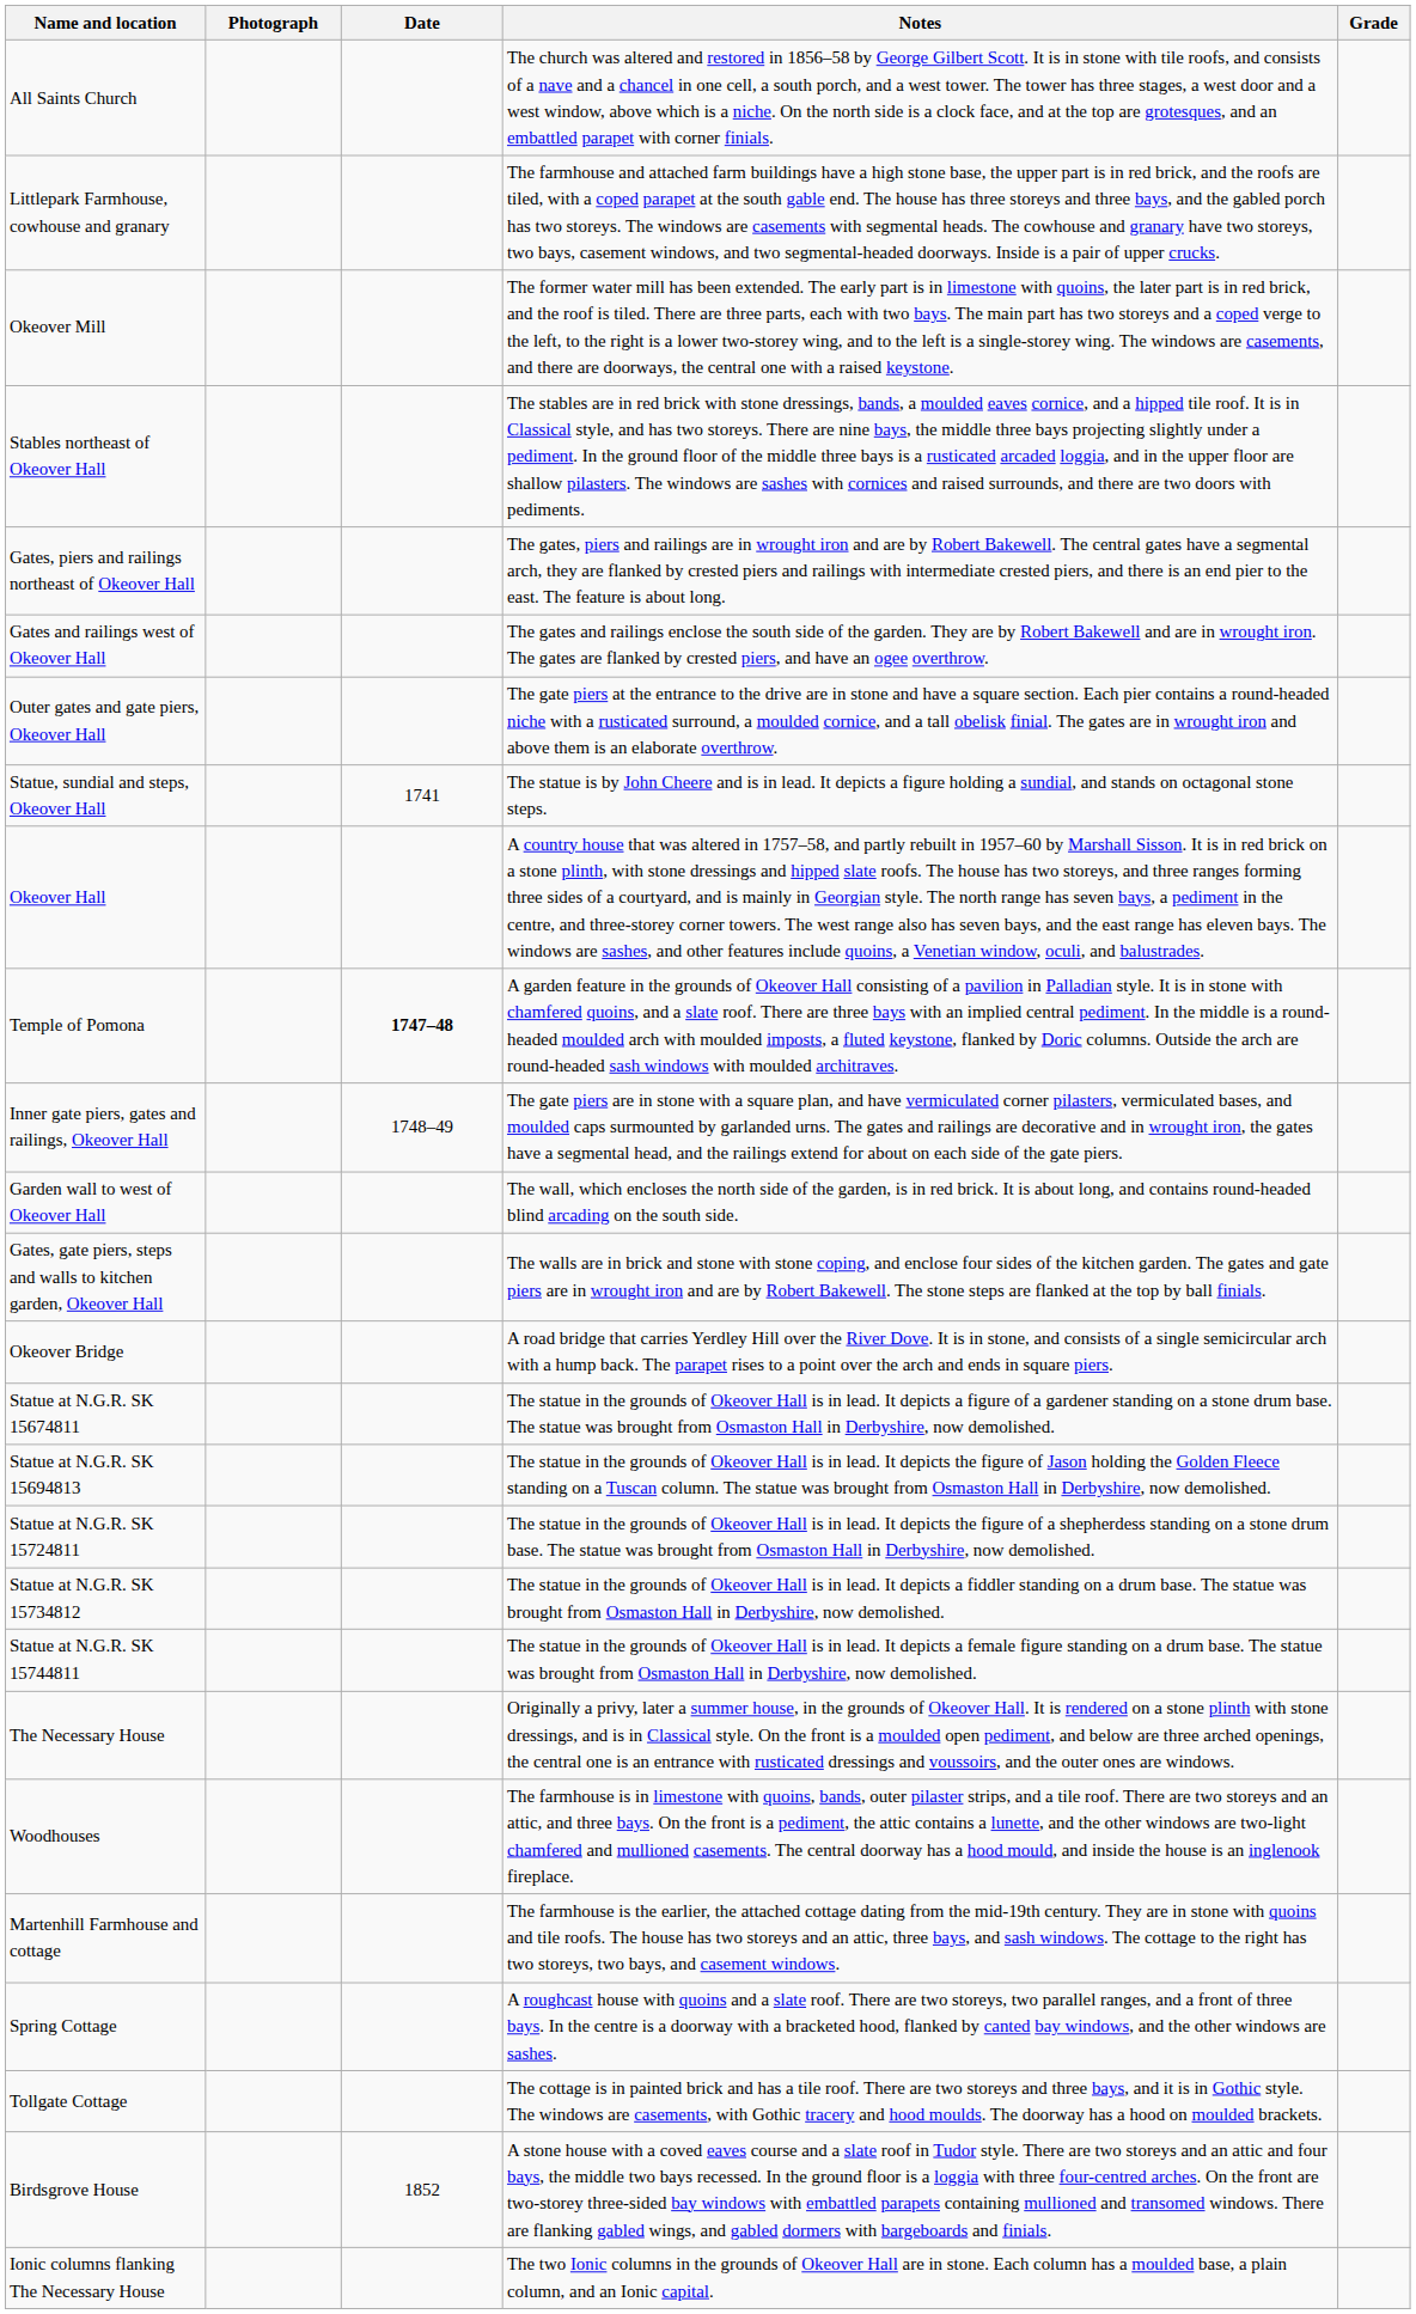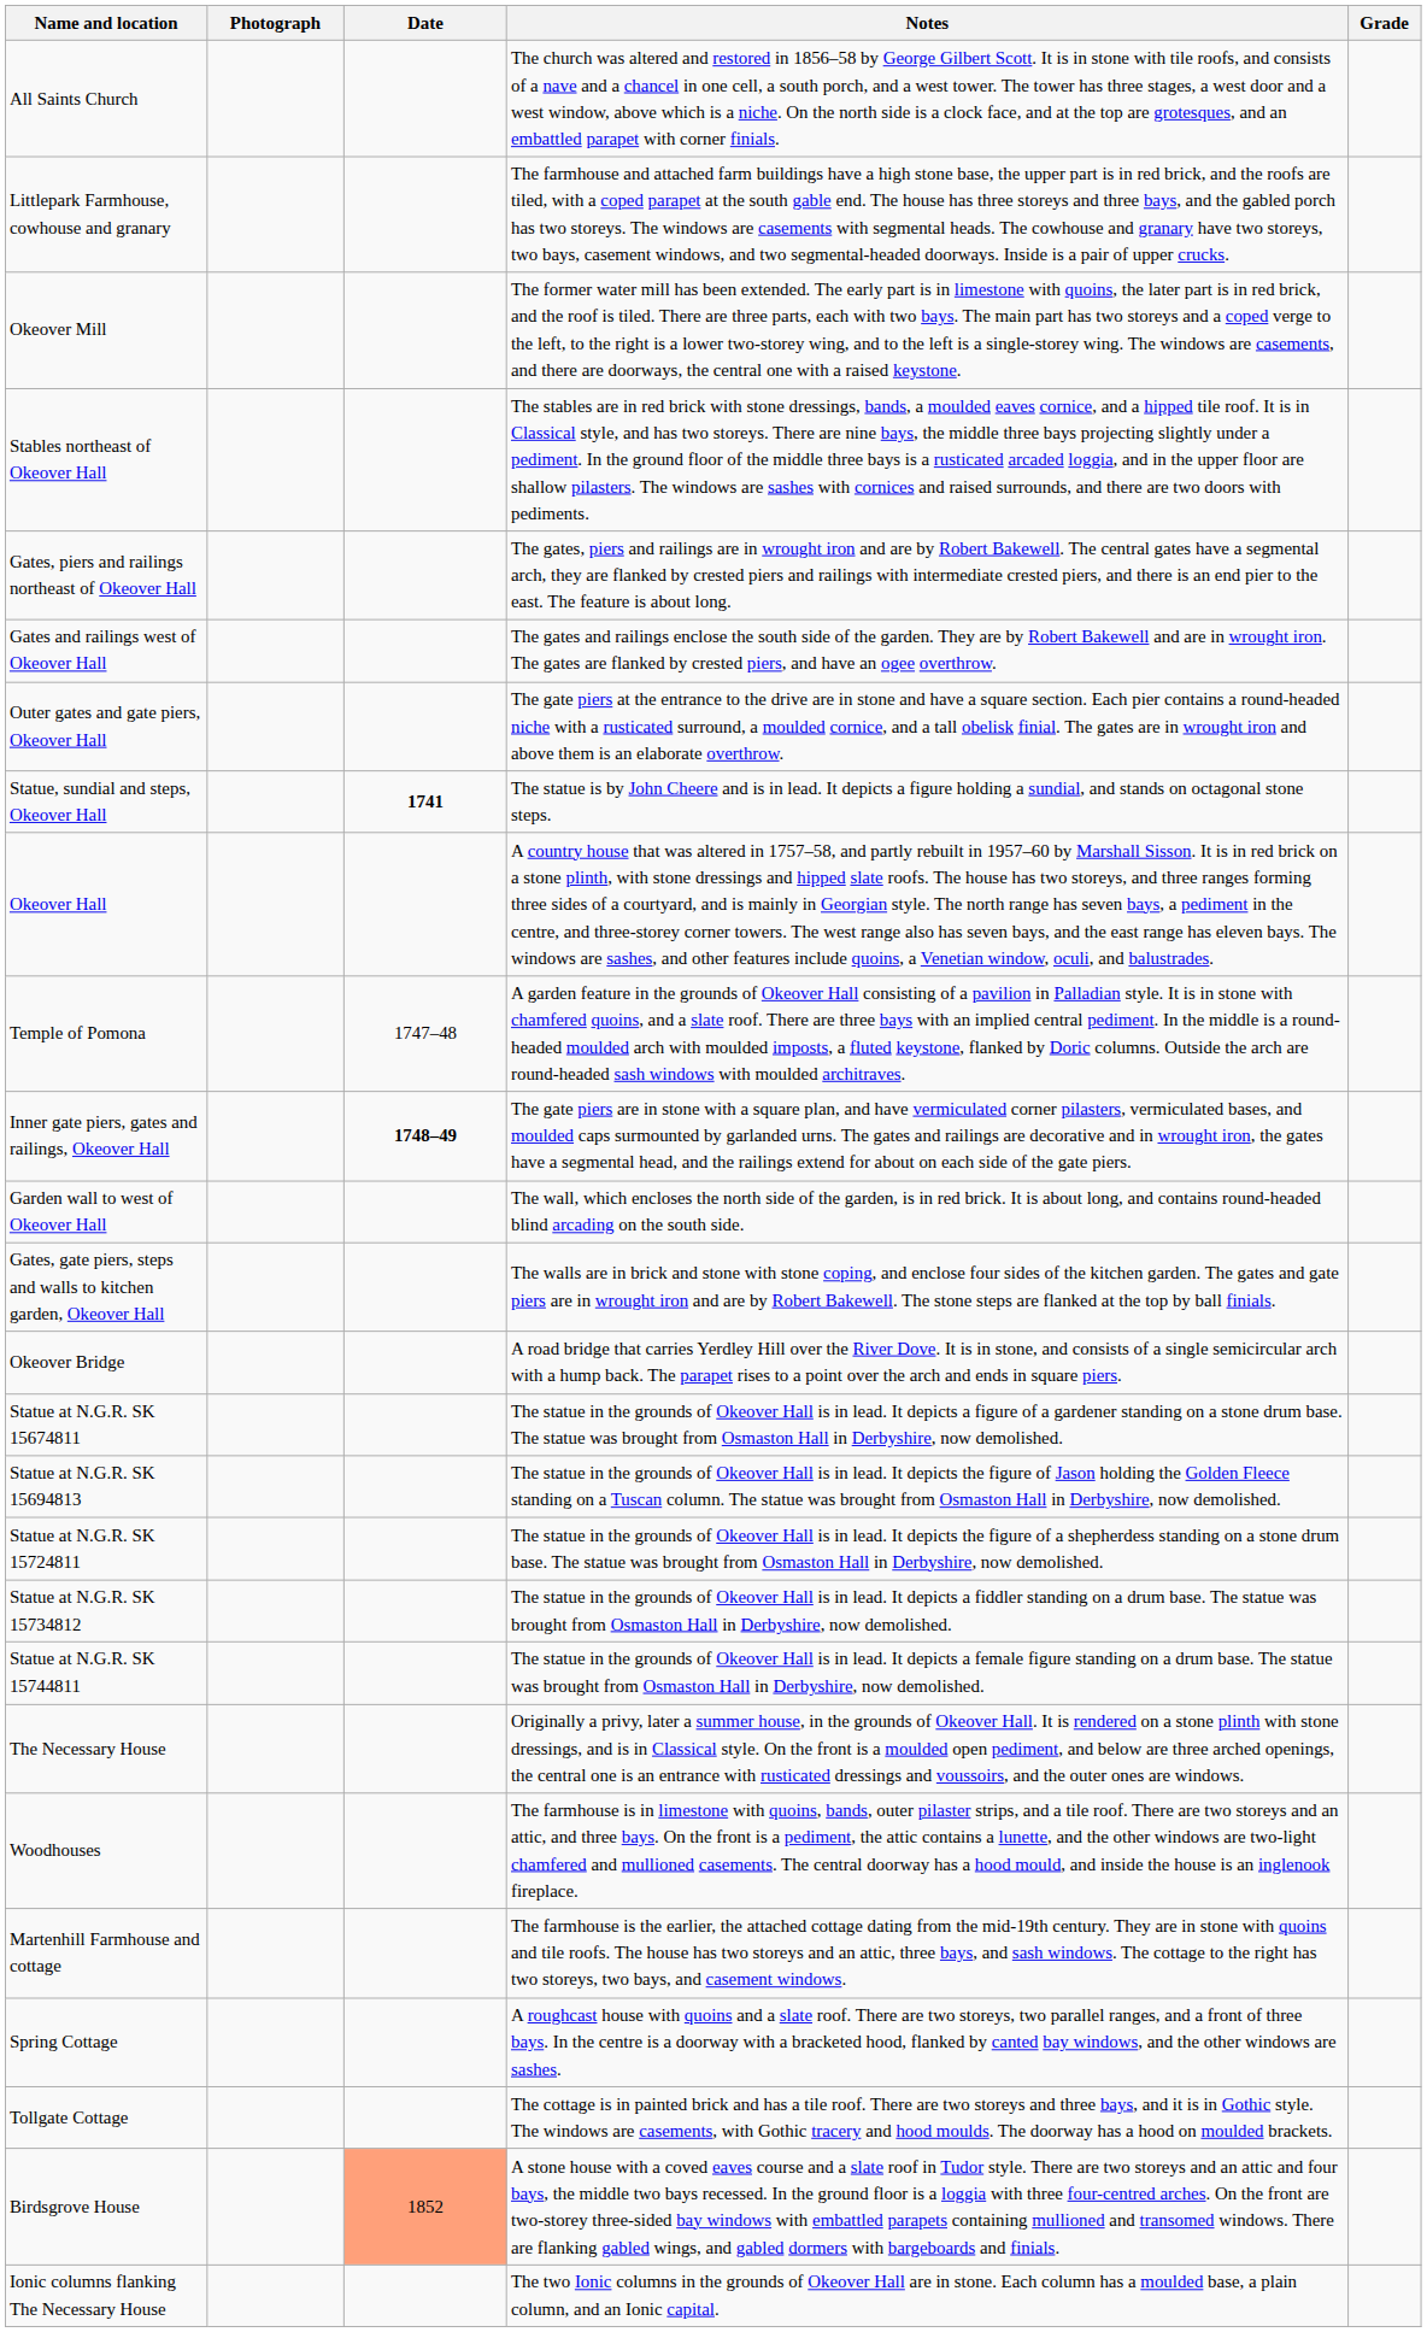 <table class="wikitable sortable plainrowheaders" style="width:100%; border:0; text-align:left; line-height:150%;">
 <tr>
 <th scope="col" style="width:150px">Name and location</th>
 <th scope="col" style="width:100px" class="unsortable">Photograph</th>
 <th scope="col" style="width:120px">Date</th>
 <th scope="col" style="width:650px" class="unsortable">Notes</th>
 <th scope="col" style="width:50px">Grade</th>
 </tr>
 <tr>
 <td>All Saints Church<br><small></small></td>
 <td></td>
 <td align="center"></td>
 <td>The church was altered and <a href='#'>restored</a> in 1856–58 by <a href='#'>George Gilbert Scott</a>. It is in stone with tile roofs, and consists of a <a href='#'>nave</a> and a <a href='#'>chancel</a> in one cell, a south porch, and a west tower. The tower has three stages, a west door and a west window, above which is a <a href='#'>niche</a>. On the north side is a clock face, and at the top are <a href='#'>grotesques</a>, and an <a href='#'>embattled</a> <a href='#'>parapet</a> with corner <a href='#'>finials</a>.</td>
 <td align="center" ></td>
 </tr>
 <tr>
 <td>Littlepark Farmhouse, cowhouse and granary<br><small></small></td>
 <td></td>
 <td align="center"></td>
 <td>The farmhouse and attached farm buildings have a high stone base, the upper part is in red brick, and the roofs are tiled, with a <a href='#'>coped</a> <a href='#'>parapet</a> at the south <a href='#'>gable</a> end. The house has three storeys and three <a href='#'>bays</a>, and the gabled porch has two storeys. The windows are <a href='#'>casements</a> with segmental heads. The cowhouse and <a href='#'>granary</a> have two storeys, two bays, casement windows, and two segmental-headed doorways. Inside is a pair of upper <a href='#'>crucks</a>.</td>
 <td align="center" ></td>
 </tr>
 <tr>
 <td>Okeover Mill<br><small></small></td>
 <td></td>
 <td align="center"></td>
 <td>The former water mill has been extended. The early part is in <a href='#'>limestone</a> with <a href='#'>quoins</a>, the later part is in red brick, and the roof is tiled. There are three parts, each with two <a href='#'>bays</a>. The main part has two storeys and a <a href='#'>coped</a> verge to the left, to the right is a lower two-storey wing, and to the left is a single-storey wing. The windows are <a href='#'>casements</a>, and there are doorways, the central one with a raised <a href='#'>keystone</a>.</td>
 <td align="center" ></td>
 </tr>
 <tr>
 <td>Stables northeast of <a href='#'>Okeover Hall</a><br><small></small></td>
 <td></td>
 <td align="center"></td>
 <td>The stables are in red brick with stone dressings, <a href='#'>bands</a>, a <a href='#'>moulded</a> <a href='#'>eaves</a> <a href='#'>cornice</a>, and a <a href='#'>hipped</a> tile roof. It is in <a href='#'>Classical</a> style, and has two storeys. There are nine <a href='#'>bays</a>, the middle three bays projecting slightly under a <a href='#'>pediment</a>. In the ground floor of the middle three bays is a <a href='#'>rusticated</a> <a href='#'>arcaded</a> <a href='#'>loggia</a>, and in the upper floor are shallow <a href='#'>pilasters</a>. The windows are <a href='#'>sashes</a> with <a href='#'>cornices</a> and raised surrounds, and there are two doors with pediments.</td>
 <td align="center" ></td>
 </tr>
 <tr>
 <td>Gates, piers and railings northeast of <a href='#'>Okeover Hall</a><br><small></small></td>
 <td></td>
 <td align="center"></td>
 <td>The gates, <a href='#'>piers</a> and railings are in <a href='#'>wrought iron</a> and are by <a href='#'>Robert Bakewell</a>. The central gates have a segmental arch, they are flanked by crested piers and railings with intermediate crested piers, and there is an end pier to the east. The feature is about  long.</td>
 <td align="center" ></td>
 </tr>
 <tr>
 <td>Gates and railings west of <a href='#'>Okeover Hall</a><br><small></small></td>
 <td></td>
 <td align="center"></td>
 <td>The gates and railings enclose the south side of the garden. They are by <a href='#'>Robert Bakewell</a> and are in <a href='#'>wrought iron</a>. The gates are flanked by crested <a href='#'>piers</a>, and have an <a href='#'>ogee</a> <a href='#'>overthrow</a>.</td>
 <td align="center" ></td>
 </tr>
 <tr>
 <td>Outer gates and gate piers, <a href='#'>Okeover Hall</a><br><small></small></td>
 <td></td>
 <td align="center"></td>
 <td>The gate <a href='#'>piers</a> at the entrance to the drive are in stone and have a square section. Each pier contains a round-headed <a href='#'>niche</a> with a <a href='#'>rusticated</a> surround, a <a href='#'>moulded</a> <a href='#'>cornice</a>, and a tall <a href='#'>obelisk</a> <a href='#'>finial</a>. The gates are in <a href='#'>wrought iron</a> and above them is an elaborate <a href='#'>overthrow</a>.</td>
 <td align="center" ></td>
 </tr>
 <tr>
 <td>Statue, sundial and steps, <a href='#'>Okeover Hall</a><br><small></small></td>
 <td></td>
-<td align="center">1741</td>
+<td align="center"><strong>1741</strong></td>
 <td>The statue is by <a href='#'>John Cheere</a> and is in lead. It depicts a figure holding a <a href='#'>sundial</a>, and stands on octagonal stone steps.</td>
 <td align="center" ></td>
 </tr>
 <tr>
 <td><a href='#'>Okeover Hall</a><br><small></small></td>
 <td></td>
 <td align="center"></td>
 <td>A <a href='#'>country house</a> that was altered in 1757–58, and partly rebuilt in 1957–60 by <a href='#'>Marshall Sisson</a>. It is in red brick on a stone <a href='#'>plinth</a>, with stone dressings and <a href='#'>hipped</a> <a href='#'>slate</a> roofs. The house has two storeys, and three ranges forming three sides of a courtyard, and is mainly in <a href='#'>Georgian</a> style. The north range has seven <a href='#'>bays</a>, a <a href='#'>pediment</a> in the centre, and three-storey corner towers. The west range also has seven bays, and the east range has eleven bays. The windows are <a href='#'>sashes</a>, and other features include <a href='#'>quoins</a>, a <a href='#'>Venetian window</a>, <a href='#'>oculi</a>, and <a href='#'>balustrades</a>.</td>
 <td align="center" ></td>
 </tr>
 <tr>
 <td>Temple of Pomona<br><small></small></td>
 <td></td>
-<td align="center"><strong>1747–48</strong></td>
+<td align="center">1747–48</td>
 <td>A garden feature in the grounds of <a href='#'>Okeover Hall</a> consisting of a <a href='#'>pavilion</a> in <a href='#'>Palladian</a> style. It is in stone with <a href='#'>chamfered</a> <a href='#'>quoins</a>, and a <a href='#'>slate</a> roof. There are three <a href='#'>bays</a> with an implied central <a href='#'>pediment</a>. In the middle is a round-headed <a href='#'>moulded</a> arch with moulded <a href='#'>imposts</a>, a <a href='#'>fluted</a> <a href='#'>keystone</a>, flanked by <a href='#'>Doric</a> columns. Outside the arch are round-headed <a href='#'>sash windows</a> with moulded <a href='#'>architraves</a>.</td>
 <td align="center" ></td>
 </tr>
 <tr>
 <td>Inner gate piers, gates and railings, <a href='#'>Okeover Hall</a><br><small></small></td>
 <td></td>
-<td align="center">1748–49</td>
+<td align="center"><strong>1748–49</strong></td>
 <td>The gate <a href='#'>piers</a> are in stone with a square plan, and have <a href='#'>vermiculated</a> corner <a href='#'>pilasters</a>, vermiculated bases, and <a href='#'>moulded</a> caps surmounted by garlanded urns. The gates and railings are decorative and in <a href='#'>wrought iron</a>, the gates have a segmental head, and the railings extend for about  on each side of the gate piers.</td>
 <td align="center" ></td>
 </tr>
 <tr>
 <td>Garden wall to west of <a href='#'>Okeover Hall</a><br><small></small></td>
 <td></td>
 <td align="center"></td>
 <td>The wall, which encloses the north side of the garden, is in red brick. It is about  long, and contains round-headed blind <a href='#'>arcading</a> on the south side.</td>
 <td align="center" ></td>
 </tr>
 <tr>
 <td>Gates, gate piers, steps and walls to kitchen garden, <a href='#'>Okeover Hall</a><br><small></small></td>
 <td></td>
 <td align="center"></td>
 <td>The walls are in brick and stone with stone <a href='#'>coping</a>, and enclose four sides of the kitchen garden. The gates and gate <a href='#'>piers</a> are in <a href='#'>wrought iron</a> and are by <a href='#'>Robert Bakewell</a>. The stone steps are flanked at the top by ball <a href='#'>finials</a>.</td>
 <td align="center" ></td>
 </tr>
 <tr>
 <td>Okeover Bridge<br><small></small></td>
 <td></td>
 <td align="center"></td>
 <td>A road bridge that carries Yerdley Hill over the <a href='#'>River Dove</a>. It is in stone, and consists of a single semicircular arch with a hump back. The <a href='#'>parapet</a> rises to a point over the arch and ends in square <a href='#'>piers</a>.</td>
 <td align="center" ></td>
 </tr>
 <tr>
 <td>Statue at N.G.R. SK 15674811<br><small></small></td>
 <td></td>
 <td align="center"></td>
 <td>The statue in the grounds of <a href='#'>Okeover Hall</a> is in lead. It depicts a figure of a gardener standing on a stone drum base. The statue was brought from <a href='#'>Osmaston Hall</a> in <a href='#'>Derbyshire</a>, now demolished.</td>
 <td align="center" ></td>
 </tr>
 <tr>
 <td>Statue at N.G.R. SK 15694813<br><small></small></td>
 <td></td>
 <td align="center"></td>
 <td>The statue in the grounds of <a href='#'>Okeover Hall</a> is in lead. It depicts the figure of <a href='#'>Jason</a> holding the <a href='#'>Golden Fleece</a> standing on a <a href='#'>Tuscan</a> column. The statue was brought from <a href='#'>Osmaston Hall</a> in <a href='#'>Derbyshire</a>, now demolished.</td>
 <td align="center" ></td>
 </tr>
 <tr>
 <td>Statue at N.G.R. SK 15724811<br><small></small></td>
 <td></td>
 <td align="center"></td>
 <td>The statue in the grounds of <a href='#'>Okeover Hall</a> is in lead. It depicts the figure of a shepherdess standing on a stone drum base. The statue was brought from <a href='#'>Osmaston Hall</a> in <a href='#'>Derbyshire</a>, now demolished.</td>
 <td align="center" ></td>
 </tr>
 <tr>
 <td>Statue at N.G.R. SK 15734812<br><small></small></td>
 <td></td>
 <td align="center"></td>
 <td>The statue in the grounds of <a href='#'>Okeover Hall</a> is in lead. It depicts a fiddler standing on a drum base. The statue was brought from <a href='#'>Osmaston Hall</a> in <a href='#'>Derbyshire</a>, now demolished.</td>
 <td align="center" ></td>
 </tr>
 <tr>
 <td>Statue at N.G.R. SK 15744811<br><small></small></td>
 <td></td>
 <td align="center"></td>
 <td>The statue in the grounds of <a href='#'>Okeover Hall</a> is in lead. It depicts a female figure standing on a drum base. The statue was brought from <a href='#'>Osmaston Hall</a> in <a href='#'>Derbyshire</a>, now demolished.</td>
 <td align="center" ></td>
 </tr>
 <tr>
 <td>The Necessary House<br><small></small></td>
 <td></td>
 <td align="center"></td>
 <td>Originally a privy, later a <a href='#'>summer house</a>, in the grounds of <a href='#'>Okeover Hall</a>. It is <a href='#'>rendered</a> on a stone <a href='#'>plinth</a> with stone dressings, and is in <a href='#'>Classical</a> style. On the front is a <a href='#'>moulded</a> open <a href='#'>pediment</a>, and below are three arched openings, the central one is an entrance with <a href='#'>rusticated</a> dressings and <a href='#'>voussoirs</a>, and the outer ones are windows.</td>
 <td align="center" ></td>
 </tr>
 <tr>
 <td>Woodhouses<br><small></small></td>
 <td></td>
 <td align="center"></td>
 <td>The farmhouse is in <a href='#'>limestone</a> with <a href='#'>quoins</a>, <a href='#'>bands</a>, outer <a href='#'>pilaster</a> strips, and a tile roof. There are two storeys and an attic, and three <a href='#'>bays</a>. On the front is a <a href='#'>pediment</a>, the attic contains a <a href='#'>lunette</a>, and the other windows are two-light <a href='#'>chamfered</a> and <a href='#'>mullioned</a> <a href='#'>casements</a>. The central doorway has a <a href='#'>hood mould</a>, and inside the house is an <a href='#'>inglenook</a> fireplace.</td>
 <td align="center" ></td>
 </tr>
 <tr>
 <td>Martenhill Farmhouse and cottage<br><small></small></td>
 <td></td>
 <td align="center"></td>
 <td>The farmhouse is the earlier, the attached cottage dating from the mid-19th century. They are in stone with <a href='#'>quoins</a> and tile roofs. The house has two storeys and an attic, three <a href='#'>bays</a>, and <a href='#'>sash windows</a>. The cottage to the right has two storeys, two bays, and <a href='#'>casement windows</a>.</td>
 <td align="center" ></td>
 </tr>
 <tr>
 <td>Spring Cottage<br><small></small></td>
 <td></td>
 <td align="center"></td>
 <td>A <a href='#'>roughcast</a> house with <a href='#'>quoins</a> and a <a href='#'>slate</a> roof. There are two storeys, two parallel ranges, and a front of three <a href='#'>bays</a>. In the centre is a doorway with a bracketed hood, flanked by <a href='#'>canted</a> <a href='#'>bay windows</a>, and the other windows are <a href='#'>sashes</a>.</td>
 <td align="center" ></td>
 </tr>
 <tr>
 <td>Tollgate Cottage<br><small></small></td>
 <td></td>
 <td align="center"></td>
 <td>The cottage is in painted brick and has a tile roof. There are two storeys and three <a href='#'>bays</a>, and it is in <a href='#'>Gothic</a> style. The windows are <a href='#'>casements</a>, with Gothic <a href='#'>tracery</a> and <a href='#'>hood moulds</a>. The doorway has a hood on <a href='#'>moulded</a> brackets.</td>
 <td align="center" ></td>
 </tr>
 <tr>
 <td>Birdsgrove House<br><small></small></td>
 <td></td>
-<td align="center">1852</td>
+<td align="center" style="background: lightsalmon;">1852</td>
 <td>A stone house with a coved <a href='#'>eaves</a> course and a <a href='#'>slate</a> roof in <a href='#'>Tudor</a> style. There are two storeys and an attic and four <a href='#'>bays</a>, the middle two bays recessed. In the ground floor is a <a href='#'>loggia</a> with three <a href='#'>four-centred arches</a>. On the front are two-storey three-sided <a href='#'>bay windows</a> with <a href='#'>embattled</a> <a href='#'>parapets</a> containing <a href='#'>mullioned</a> and <a href='#'>transomed</a> windows. There are flanking <a href='#'>gabled</a> wings, and <a href='#'>gabled</a> <a href='#'>dormers</a> with <a href='#'>bargeboards</a> and <a href='#'>finials</a>.</td>
 <td align="center" ></td>
 </tr>
 <tr>
 <td>Ionic columns flanking The Necessary House<br><small></small></td>
 <td></td>
 <td align="center"></td>
 <td>The two <a href='#'>Ionic</a> columns in the grounds of <a href='#'>Okeover Hall</a> are in stone. Each column has a <a href='#'>moulded</a> base, a plain column, and an Ionic <a href='#'>capital</a>.</td>
 <td align="center" ></td>
 </tr>
 <tr>
 </tr>
 </table>
